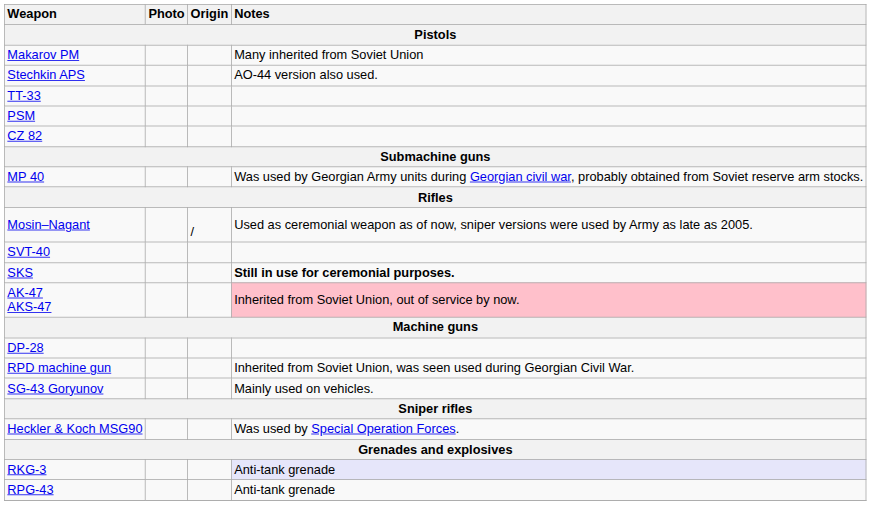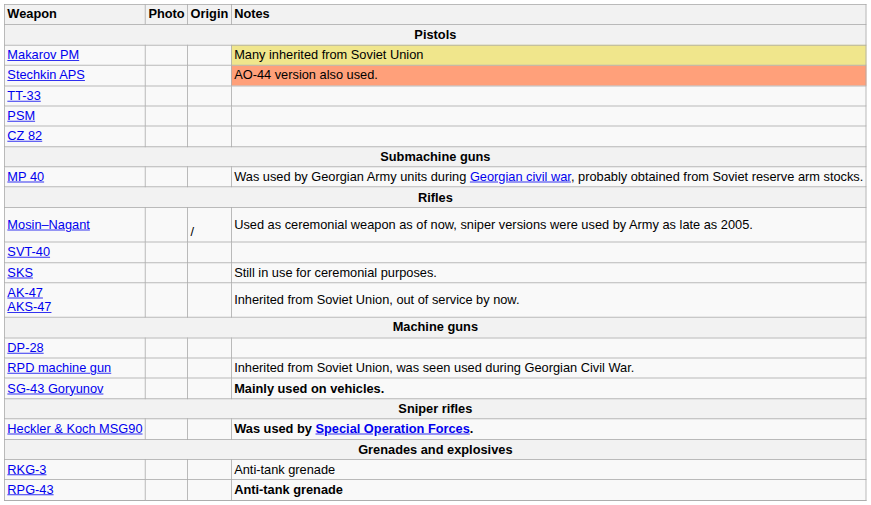 <table class="wikitable">
 <tr>
 <th style="text-align: left;">Weapon</th>
 <th style="text-align: left;">Photo</th>
 <th style="text-align: left;">Origin</th>
 <th style="text-align: left;">Notes</th>
 </tr>
 <tr>
 <th colspan="5">Pistols</th>
 </tr>
 <tr>
 <td><a href='#'>Makarov PM</a></td>
 <td></td>
 <td></td>
-<td>Many inherited from Soviet Union</td>
+<td style="background: khaki;">Many inherited from Soviet Union</td>
 </tr>
 <tr>
 <td><a href='#'>Stechkin APS</a></td>
 <td></td>
 <td></td>
-<td>AO-44 version also used.</td>
+<td style="background: lightsalmon;">AO-44 version also used.</td>
 </tr>
 <tr>
 <td><a href='#'>TT-33</a></td>
 <td></td>
 <td></td>
 <td></td>
 </tr>
 <tr>
 <td><a href='#'>PSM</a></td>
 <td></td>
 <td></td>
 <td></td>
 </tr>
 <tr>
 <td><a href='#'>CZ 82</a></td>
 <td></td>
 <td></td>
 <td></td>
 </tr>
 <tr>
 <th colspan="5">Submachine guns</th>
 </tr>
 <tr>
 <td><a href='#'>MP 40</a></td>
 <td></td>
 <td></td>
 <td>Was used by Georgian Army units during <a href='#'>Georgian civil war</a>, probably obtained from Soviet reserve arm stocks.</td>
 </tr>
 <tr>
 <th colspan="5">Rifles</th>
 </tr>
 <tr>
 <td><a href='#'>Mosin–Nagant</a></td>
 <td></td>
 <td><br> / <br></td>
 <td>Used as ceremonial weapon as of now, sniper versions were used by Army as late as 2005.</td>
 </tr>
 <tr>
 <td><a href='#'>SVT-40</a></td>
 <td></td>
 <td></td>
 <td></td>
 </tr>
 <tr>
 <td><a href='#'>SKS</a></td>
 <td></td>
 <td></td>
-<td><strong>Still in use for ceremonial purposes.</strong></td>
+<td>Still in use for ceremonial purposes.</td>
 </tr>
 <tr>
 <td><a href='#'>AK-47</a><br><a href='#'>AKS-47</a></td>
 <td></td>
 <td></td>
-<td style="background: pink;">Inherited from Soviet Union, out of service by now.</td>
+<td>Inherited from Soviet Union, out of service by now.</td>
 </tr>
 <tr>
 <th colspan="5">Machine guns</th>
 </tr>
 <tr>
 <td><a href='#'>DP-28</a></td>
 <td></td>
 <td></td>
 <td></td>
 </tr>
 <tr>
 <td><a href='#'>RPD machine gun</a></td>
 <td></td>
 <td></td>
 <td>Inherited from Soviet Union, was seen used during Georgian Civil War.</td>
 </tr>
 <tr>
 <td><a href='#'>SG-43 Goryunov</a></td>
 <td></td>
 <td></td>
-<td>Mainly used on vehicles.</td>
+<td><strong>Mainly used on vehicles.</strong></td>
 </tr>
 <tr>
 <th colspan="5">Sniper rifles</th>
 </tr>
 <tr>
 <td><a href='#'>Heckler & Koch MSG90</a></td>
 <td></td>
 <td></td>
-<td>Was used by  <a href='#'>Special Operation Forces</a>.</td>
+<td><strong>Was used by  <a href='#'>Special Operation Forces</a>.</strong></td>
 </tr>
 <tr>
 <th colspan="5">Grenades and explosives</th>
 </tr>
 <tr>
 <td><a href='#'>RKG-3</a></td>
 <td></td>
 <td></td>
-<td style="background: lavender;">Anti-tank grenade</td>
+<td>Anti-tank grenade</td>
 </tr>
 <tr>
 <td><a href='#'>RPG-43</a></td>
 <td></td>
 <td></td>
-<td>Anti-tank grenade</td>
+<td><strong>Anti-tank grenade</strong></td>
 </tr>
 <tr>
 </tr>
 </table>
